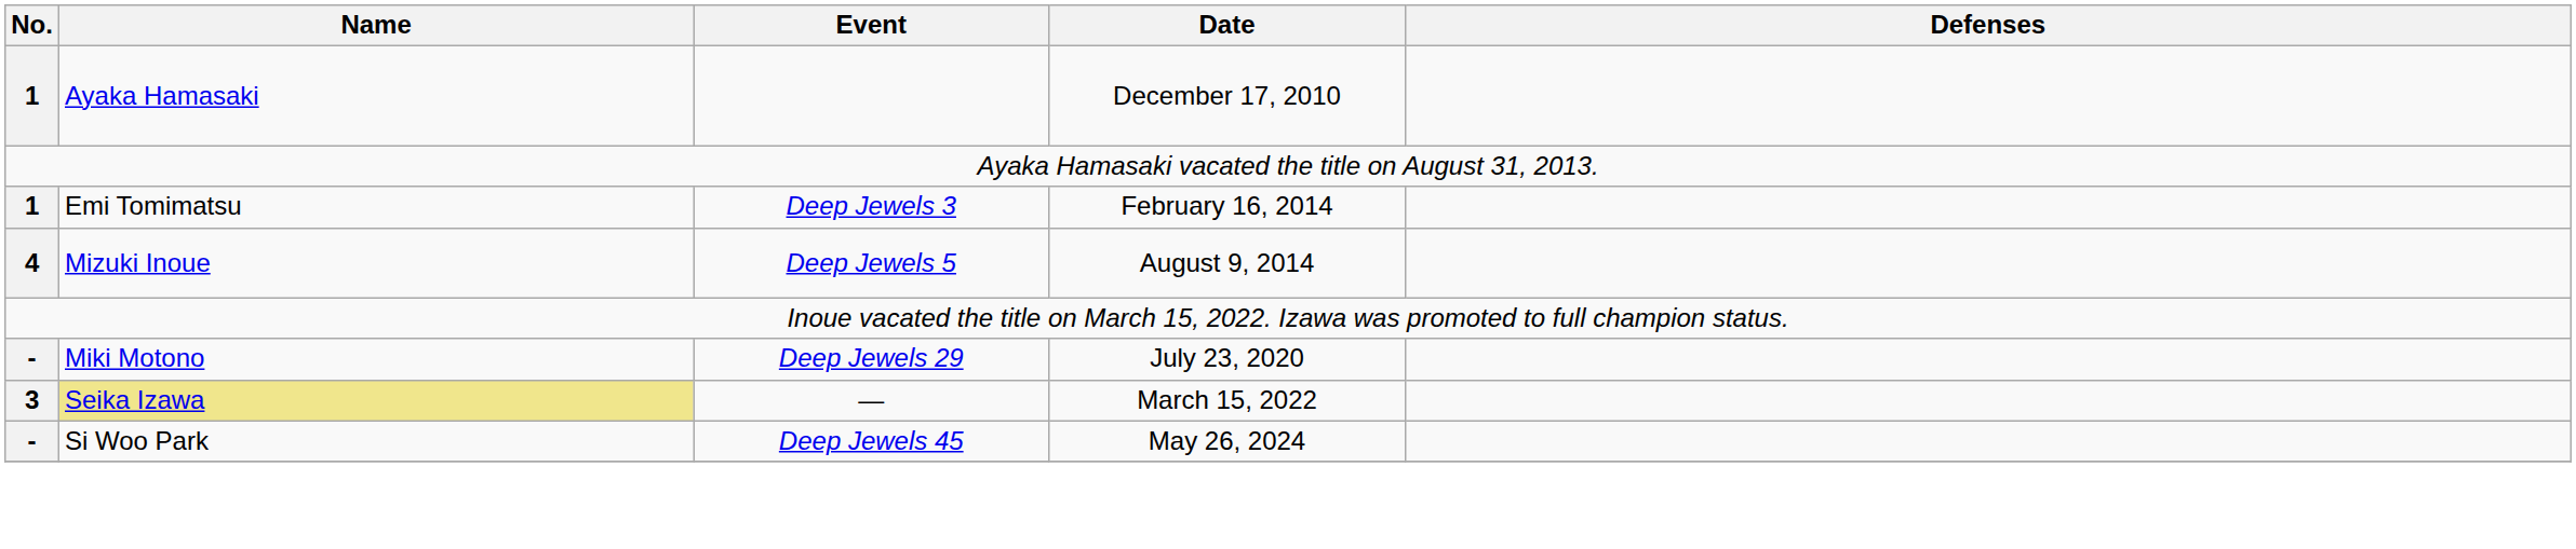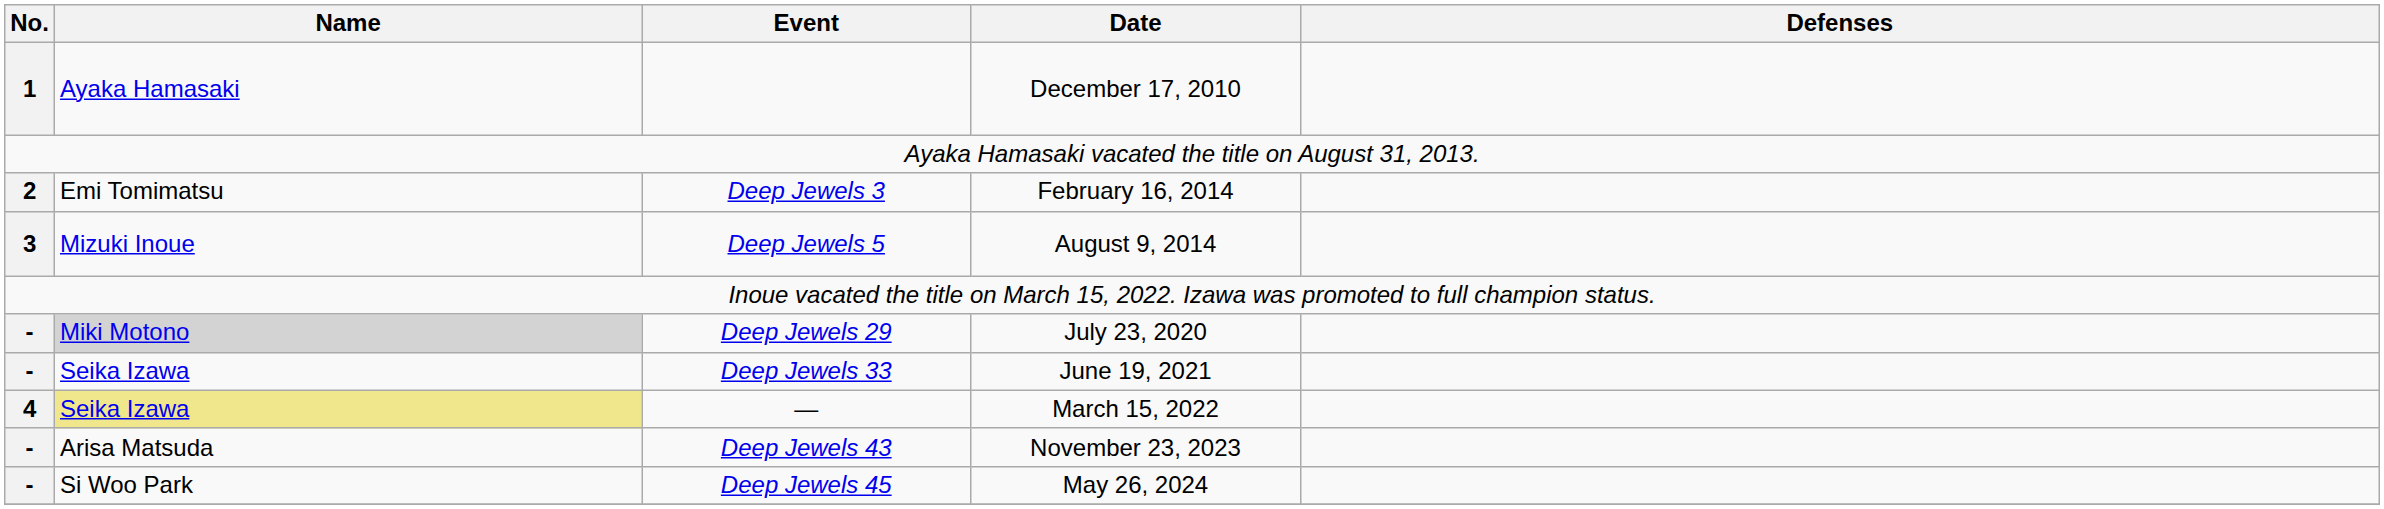 <table class="wikitable" width=100%>
 <tr>
 <th width=1%>No.</th>
 <th width=25%>Name</th>
 <th width=14%>Event</th>
 <th width=14%>Date</th>
 <th width=46%>Defenses</th>
 </tr>
 <tr>
 <th>1</th>
 <td align=left> <a href='#'>Ayaka Hamasaki</a><br></td>
 <td align=center><em></em> <br></td>
 <td align=center>December 17, 2010</td>
 <td><br><br> <br> </td>
 </tr>
 <tr>
 <td align="center" colspan="5"><em>Ayaka Hamasaki vacated the title on August 31, 2013.</em></td>
 </tr>
 <tr>
-<th>1</th>
+<th>2</th>
 <td align=left> Emi Tomimatsu<br></td>
 <td align=center><em><a href='#'>Deep Jewels 3</a></em> <br></td>
 <td align=center>February 16, 2014</td>
 <td></td>
 </tr>
 <tr>
-<th>4</th>
+<th>3</th>
 <td align=left> <a href='#'>Mizuki Inoue</a></td>
 <td align=center><em><a href='#'>Deep Jewels 5</a></em> <br></td>
 <td align=center>August 9, 2014</td>
 <td><br><br></td>
 </tr>
 <tr>
 <td align="center" colspan="5"><em>Inoue vacated the title on March 15, 2022. Izawa was promoted to full champion status.</em></td>
 </tr>
 <tr>
 <th>-</th>
-<td align=left> <a href='#'>Miki Motono</a><br></td>
+<td align=left style="background: lightgrey;"> <a href='#'>Miki Motono</a><br></td>
 <td align=center><em><a href='#'>Deep Jewels 29</a></em> <br></td>
 <td align=center>July 23, 2020</td>
 <td></td>
 </tr>
 <tr>
-<th>3</th>
+<th>-</th>
+<td align=left> <a href='#'>Seika Izawa</a><br></td>
+<td align=center><em><a href='#'>Deep Jewels 33</a></em> <br></td>
+<td align=center>June 19, 2021</td>
+<td></td>
+</tr>
+<tr>
+<th>4</th>
 <td align=left style="background: khaki;"> <a href='#'>Seika Izawa</a><br></td>
 <td align=center>—</td>
 <td align=center>March 15, 2022</td>
+<td></td>
+</tr>
+<tr>
+<th>-</th>
+<td align=left> Arisa Matsuda<br></td>
+<td align=center><em><a href='#'>Deep Jewels 43</a></em> <br></td>
+<td align=center>November 23, 2023</td>
 <td></td>
 </tr>
 <tr>
 <th>-</th>
 <td align=left> Si Woo Park<br></td>
 <td align=center><em><a href='#'>Deep Jewels 45</a></em> <br></td>
 <td align=center>May 26, 2024</td>
 <td></td>
 </tr>
 <tr>
 </tr>
 </table>
